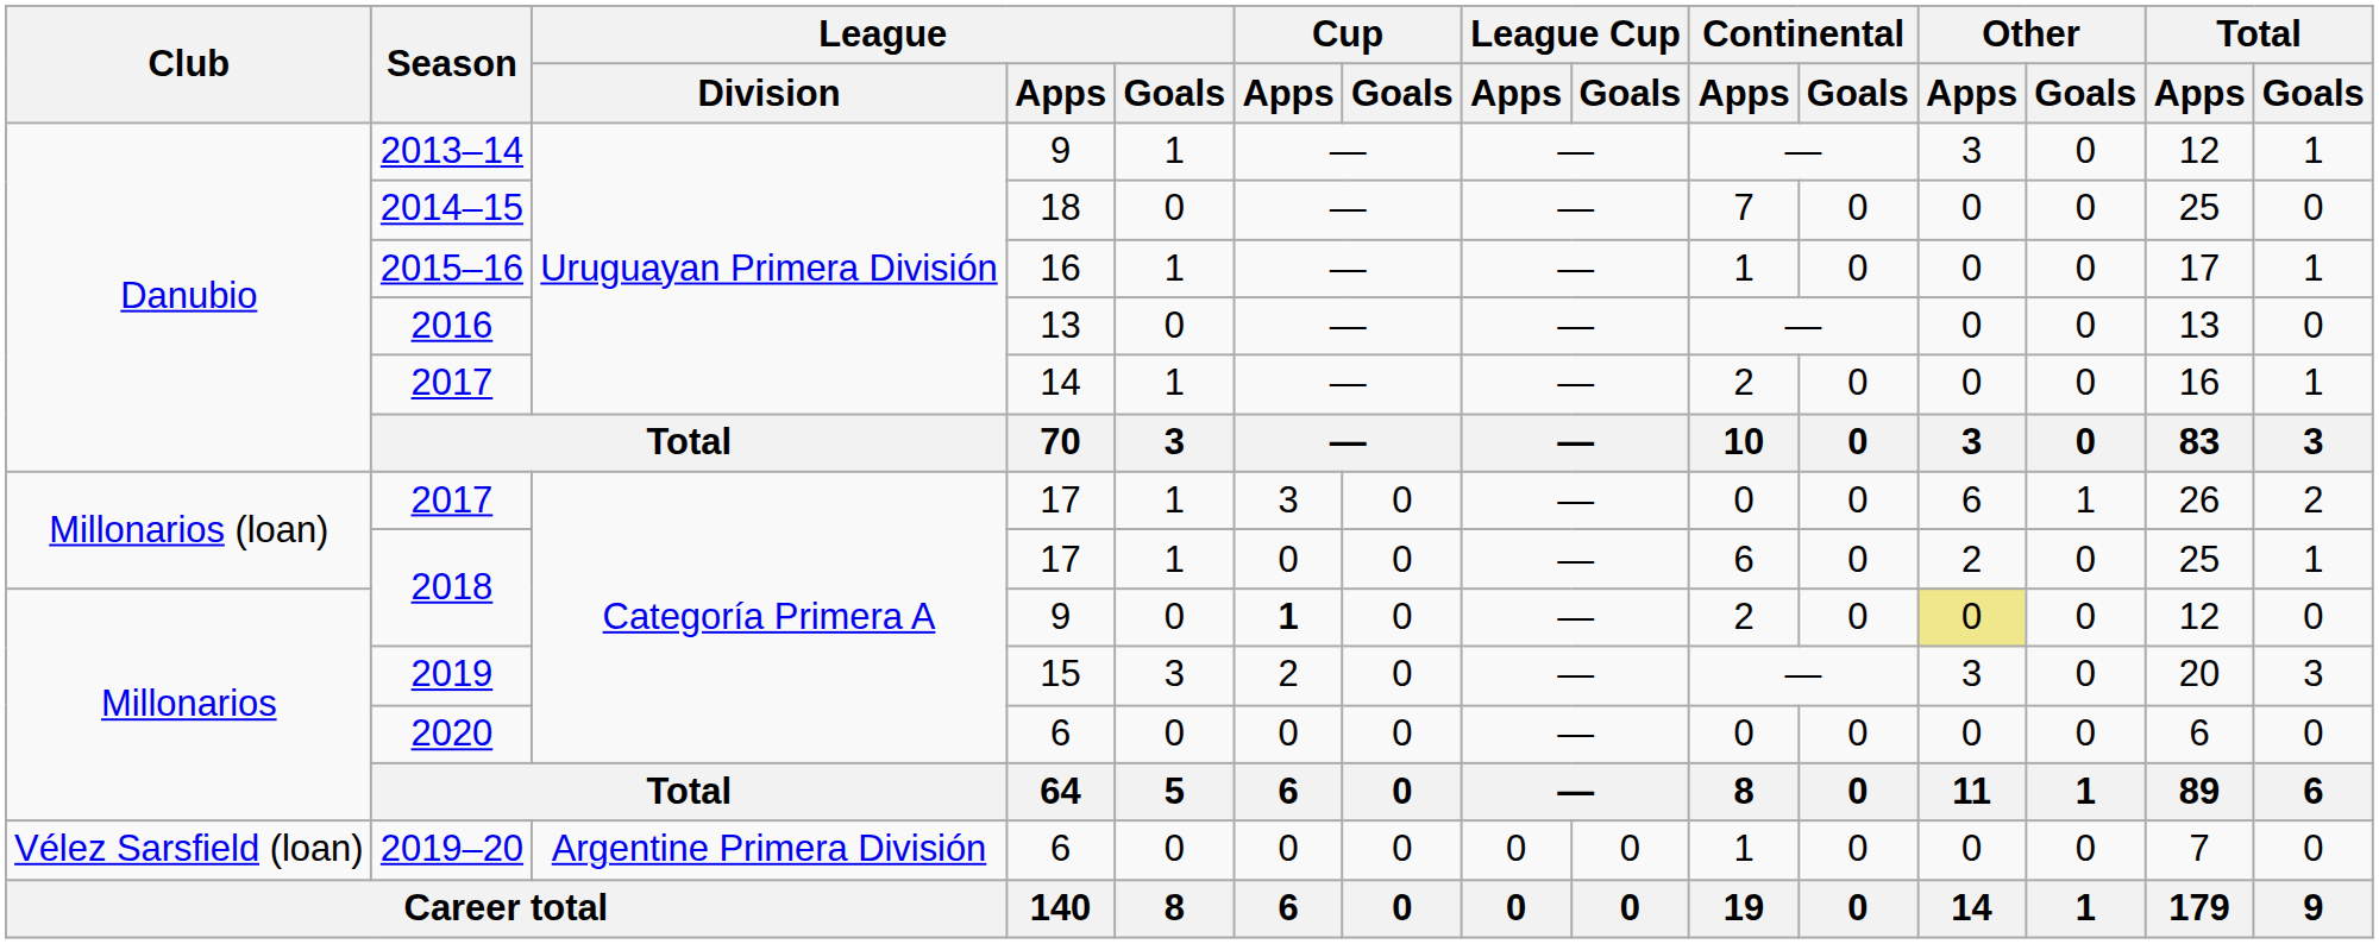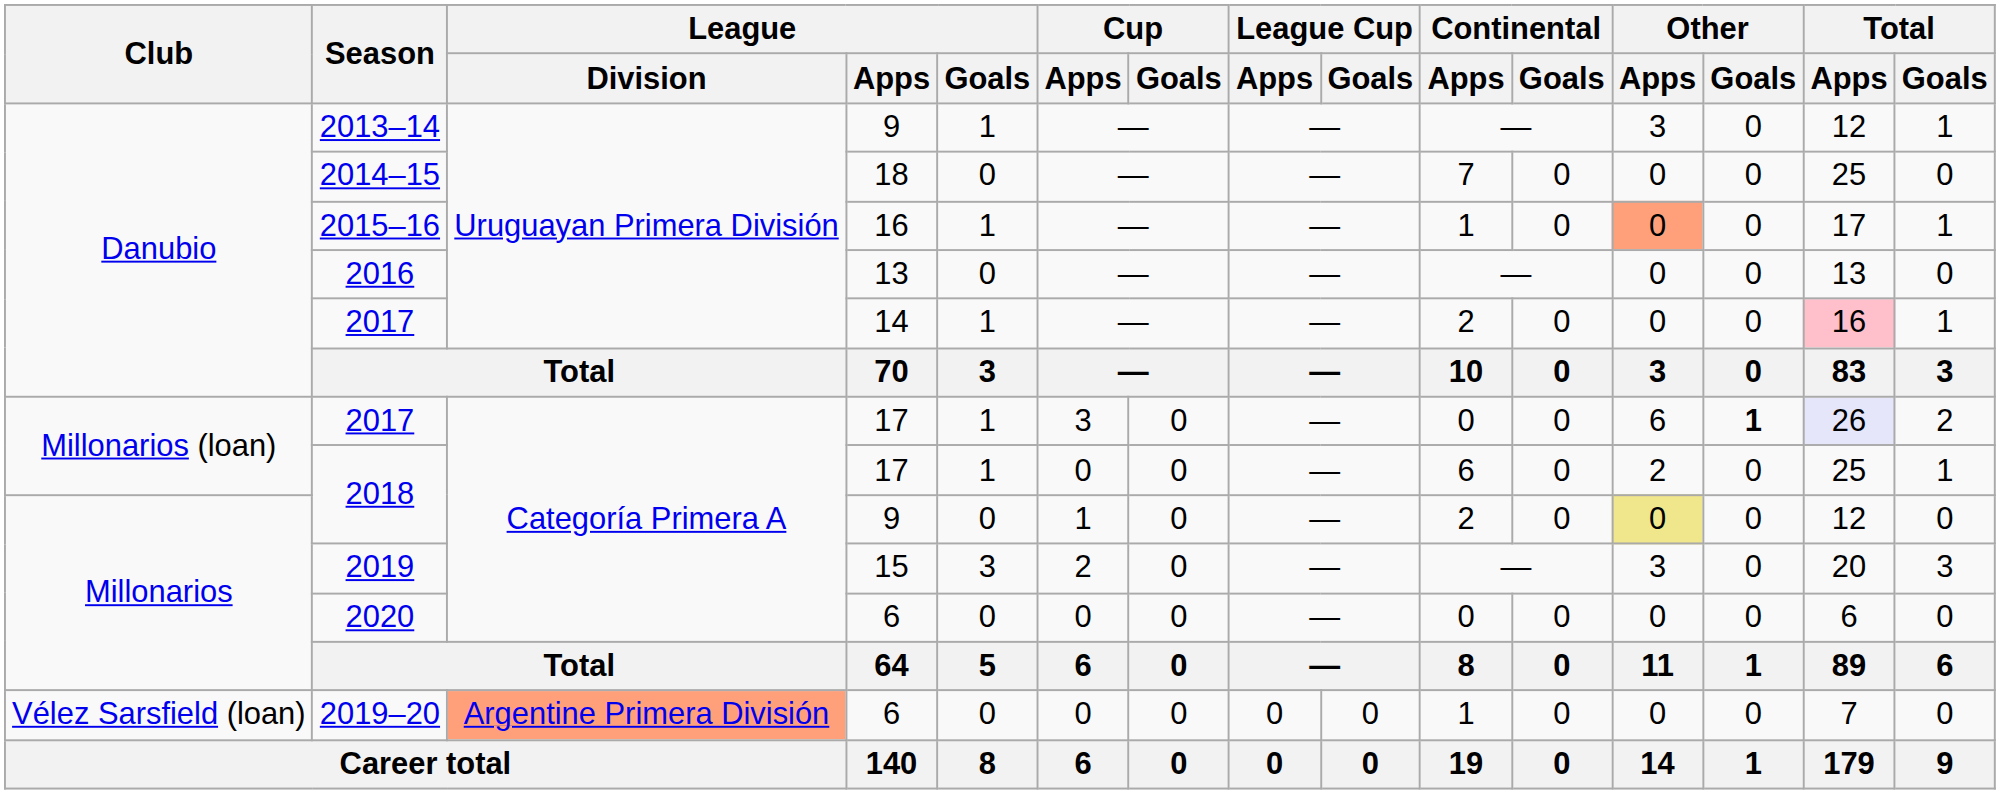 <table class="wikitable" style="text-align:center">
 <tr>
 <th rowspan="2">Club</th>
 <th rowspan="2">Season</th>
 <th colspan="3">League</th>
 <th colspan="2">Cup</th>
 <th colspan="2">League Cup</th>
 <th colspan="2">Continental</th>
 <th colspan="2">Other</th>
 <th colspan="2">Total</th>
 </tr>
 <tr>
 <th>Division</th>
 <th>Apps</th>
 <th>Goals</th>
 <th>Apps</th>
 <th>Goals</th>
 <th>Apps</th>
 <th>Goals</th>
 <th>Apps</th>
 <th>Goals</th>
 <th>Apps</th>
 <th>Goals</th>
 <th>Apps</th>
 <th>Goals</th>
 </tr>
 <tr>
 <td rowspan="6"><a href='#'>Danubio</a></td>
 <td><a href='#'>2013–14</a></td>
 <td rowspan="5"><a href='#'>Uruguayan Primera División</a></td>
 <td>9</td>
 <td>1</td>
 <td colspan="2">—</td>
 <td colspan="2">—</td>
 <td colspan="2">—</td>
 <td>3</td>
 <td>0</td>
 <td>12</td>
 <td>1</td>
 </tr>
 <tr>
 <td><a href='#'>2014–15</a></td>
 <td>18</td>
 <td>0</td>
 <td colspan="2">—</td>
 <td colspan="2">—</td>
 <td>7</td>
 <td>0</td>
 <td>0</td>
 <td>0</td>
 <td>25</td>
 <td>0</td>
 </tr>
 <tr>
 <td><a href='#'>2015–16</a></td>
 <td>16</td>
 <td>1</td>
 <td colspan="2">—</td>
 <td colspan="2">—</td>
 <td>1</td>
 <td>0</td>
-<td>0</td>
+<td style="background: lightsalmon;">0</td>
 <td>0</td>
 <td>17</td>
 <td>1</td>
 </tr>
 <tr>
 <td><a href='#'>2016</a></td>
 <td>13</td>
 <td>0</td>
 <td colspan="2">—</td>
 <td colspan="2">—</td>
 <td colspan="2">—</td>
 <td>0</td>
 <td>0</td>
 <td>13</td>
 <td>0</td>
 </tr>
 <tr>
 <td><a href='#'>2017</a></td>
 <td>14</td>
 <td>1</td>
 <td colspan="2">—</td>
 <td colspan="2">—</td>
 <td>2</td>
 <td>0</td>
 <td>0</td>
 <td>0</td>
-<td>16</td>
+<td style="background: pink;">16</td>
 <td>1</td>
 </tr>
 <tr>
 <th colspan="2">Total</th>
 <th>70</th>
 <th>3</th>
 <th colspan="2">—</th>
 <th colspan="2">—</th>
 <th>10</th>
 <th>0</th>
 <th>3</th>
 <th>0</th>
 <th>83</th>
 <th>3</th>
 </tr>
 <tr>
 <td rowspan="2"><a href='#'>Millonarios</a> (loan)</td>
 <td><a href='#'>2017</a></td>
 <td rowspan="5"><a href='#'>Categoría Primera A</a></td>
 <td>17</td>
 <td>1</td>
 <td>3</td>
 <td>0</td>
 <td colspan="2">—</td>
 <td>0</td>
 <td>0</td>
 <td>6</td>
-<td>1</td>
-<td>26</td>
+<td><strong>1</strong></td>
+<td style="background: lavender;">26</td>
 <td>2</td>
 </tr>
 <tr>
 <td rowspan="2"><a href='#'>2018</a></td>
 <td>17</td>
 <td>1</td>
 <td>0</td>
 <td>0</td>
 <td colspan="2">—</td>
 <td>6</td>
 <td>0</td>
 <td>2</td>
 <td>0</td>
 <td>25</td>
 <td>1</td>
 </tr>
 <tr>
 <td rowspan="4"><a href='#'>Millonarios</a></td>
 <td>9</td>
 <td>0</td>
-<td><strong>1</strong></td>
+<td>1</td>
 <td>0</td>
 <td colspan="2">—</td>
 <td>2</td>
 <td>0</td>
 <td style="background: khaki;">0</td>
 <td>0</td>
 <td>12</td>
 <td>0</td>
 </tr>
 <tr>
 <td><a href='#'>2019</a></td>
 <td>15</td>
 <td>3</td>
 <td>2</td>
 <td>0</td>
 <td colspan="2">—</td>
 <td colspan="2">—</td>
 <td>3</td>
 <td>0</td>
 <td>20</td>
 <td>3</td>
 </tr>
 <tr>
 <td><a href='#'>2020</a></td>
 <td>6</td>
 <td>0</td>
 <td>0</td>
 <td>0</td>
 <td colspan="2">—</td>
 <td>0</td>
 <td>0</td>
 <td>0</td>
 <td>0</td>
 <td>6</td>
 <td>0</td>
 </tr>
 <tr>
 <th colspan="2">Total</th>
 <th>64</th>
 <th>5</th>
 <th>6</th>
 <th>0</th>
 <th colspan="2">—</th>
 <th>8</th>
 <th>0</th>
 <th>11</th>
 <th>1</th>
 <th>89</th>
 <th>6</th>
 </tr>
 <tr>
 <td rowspan="1"><a href='#'>Vélez Sarsfield</a> (loan)</td>
 <td><a href='#'>2019–20</a></td>
-<td rowspan="1"><a href='#'>Argentine Primera División</a></td>
+<td rowspan="1" style="background: lightsalmon;"><a href='#'>Argentine Primera División</a></td>
 <td>6</td>
 <td>0</td>
 <td>0</td>
 <td>0</td>
 <td>0</td>
 <td>0</td>
 <td>1</td>
 <td>0</td>
 <td>0</td>
 <td>0</td>
 <td>7</td>
 <td>0</td>
 </tr>
 <tr>
 <th colspan="3">Career total</th>
 <th>140</th>
 <th>8</th>
 <th>6</th>
 <th>0</th>
 <th>0</th>
 <th>0</th>
 <th>19</th>
 <th>0</th>
 <th>14</th>
 <th>1</th>
 <th>179</th>
 <th>9</th>
 </tr>
 </table>
